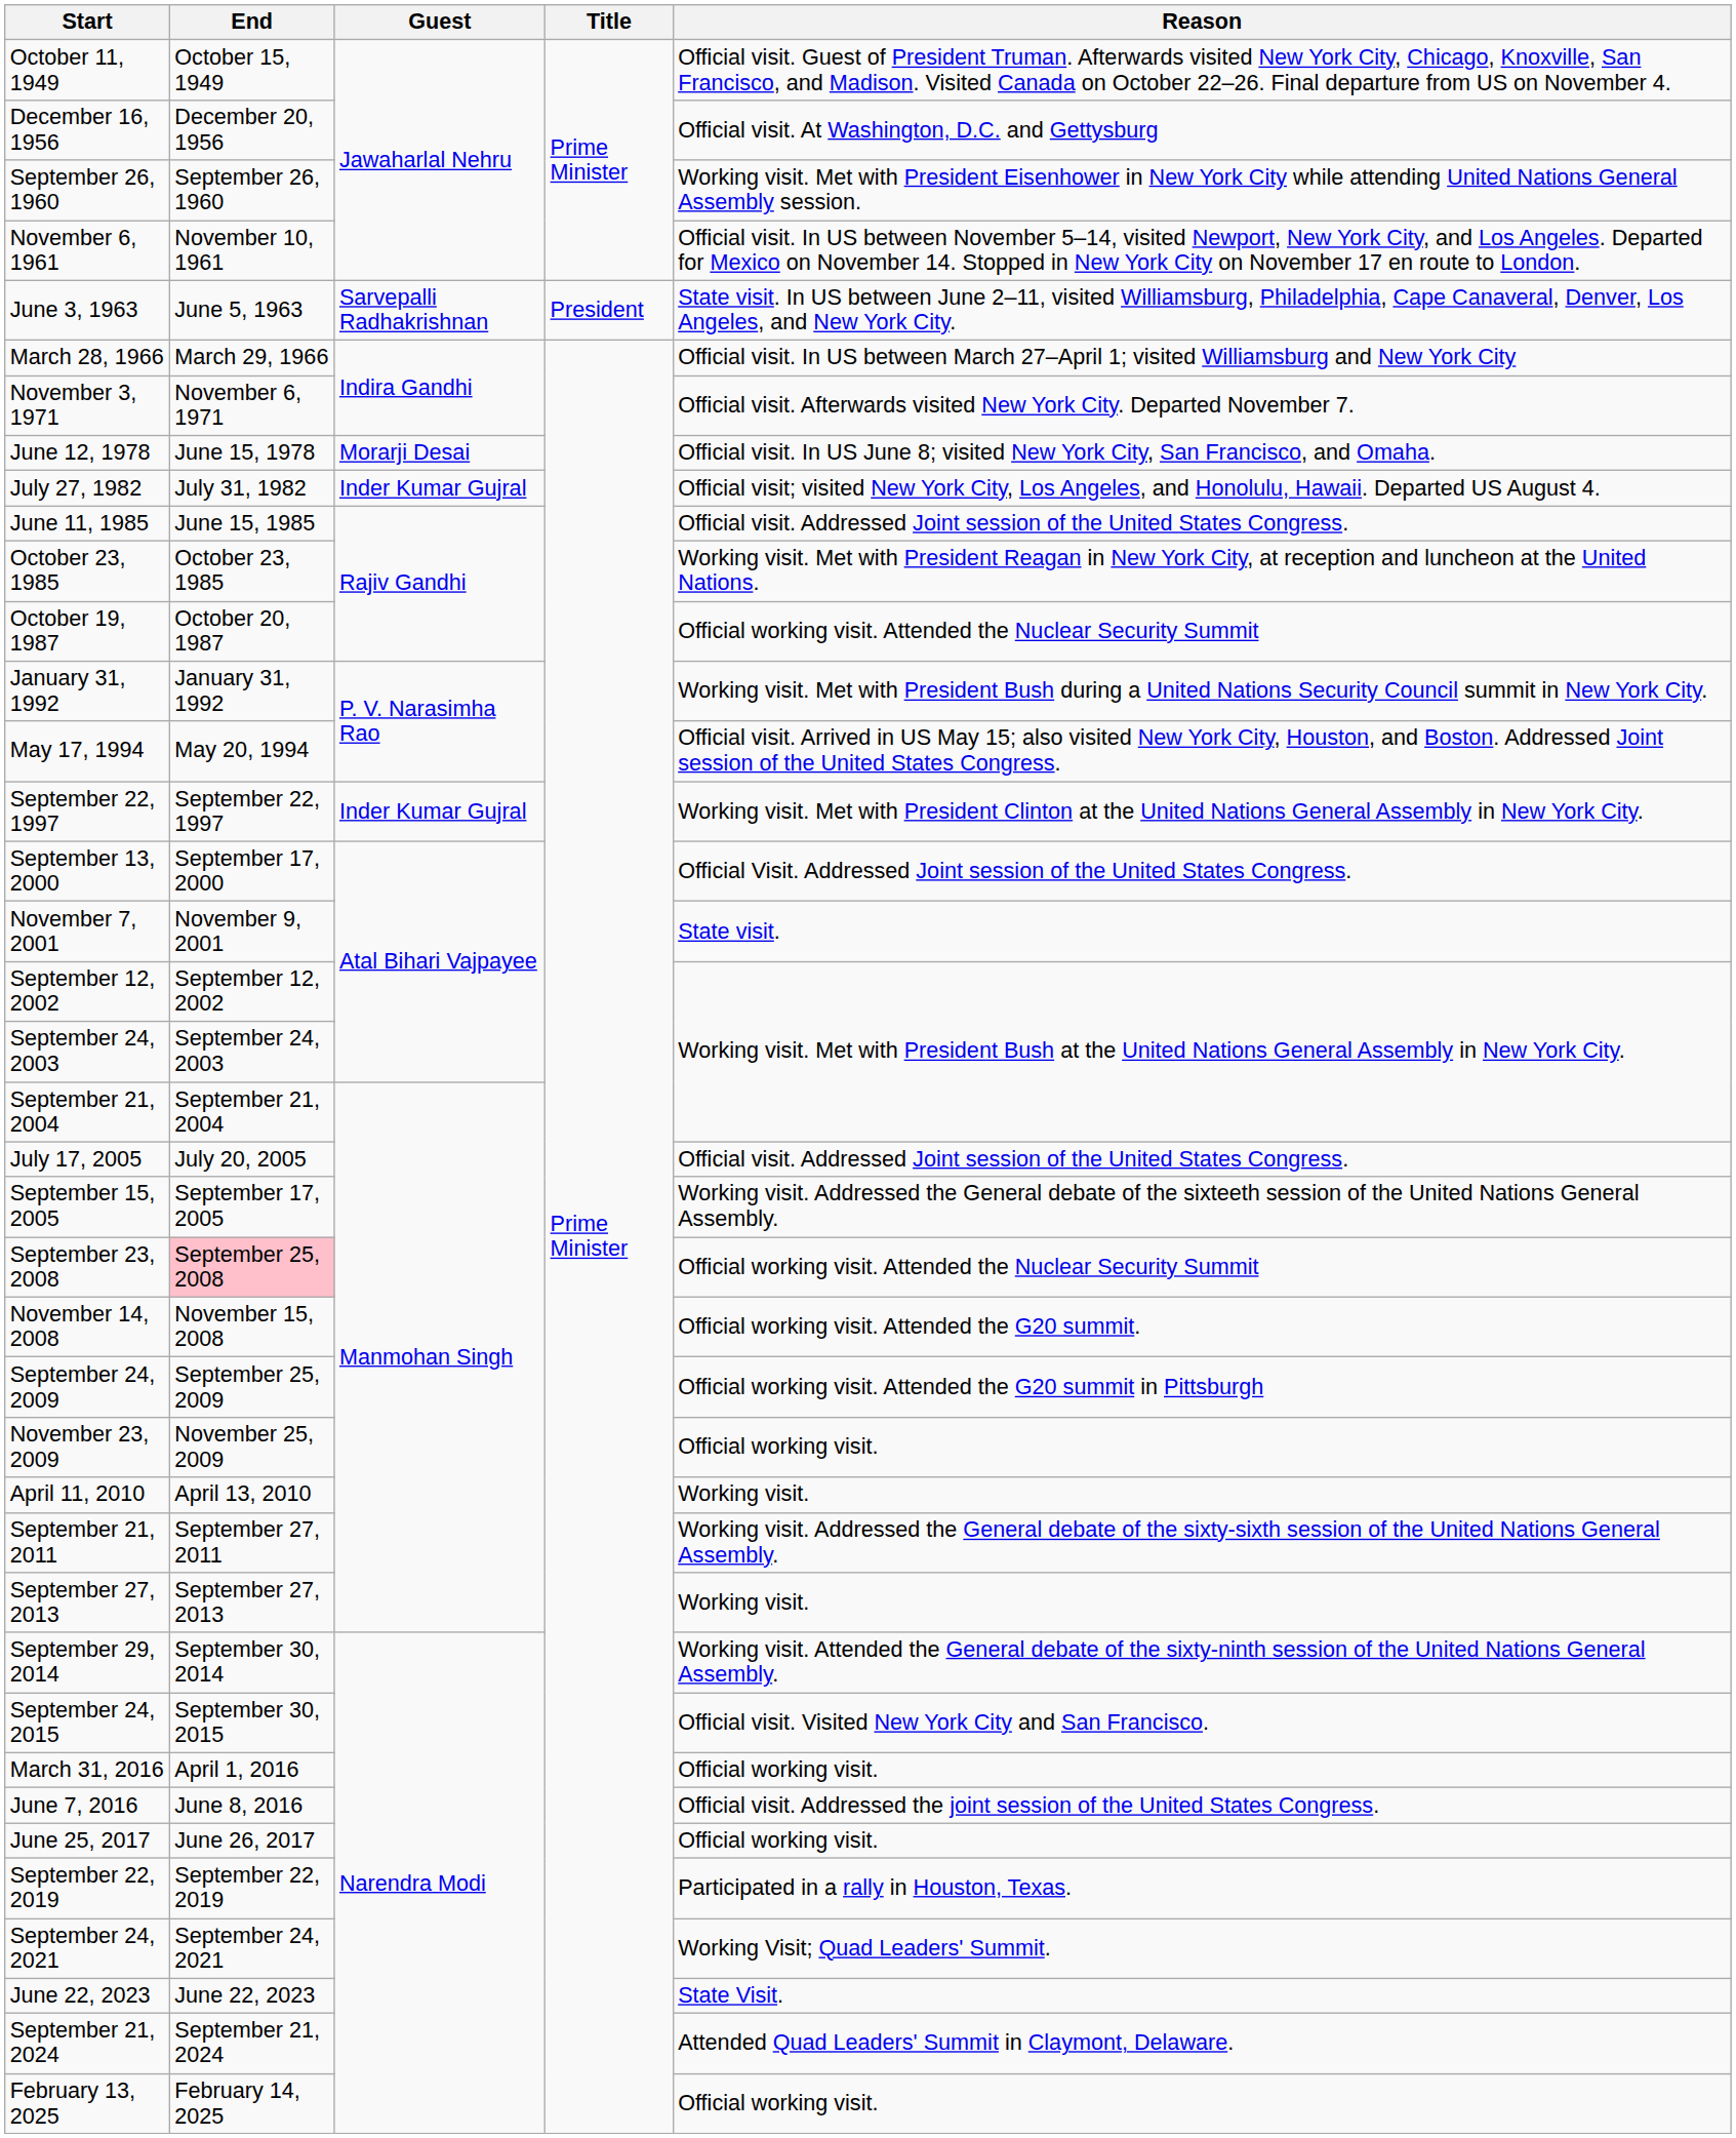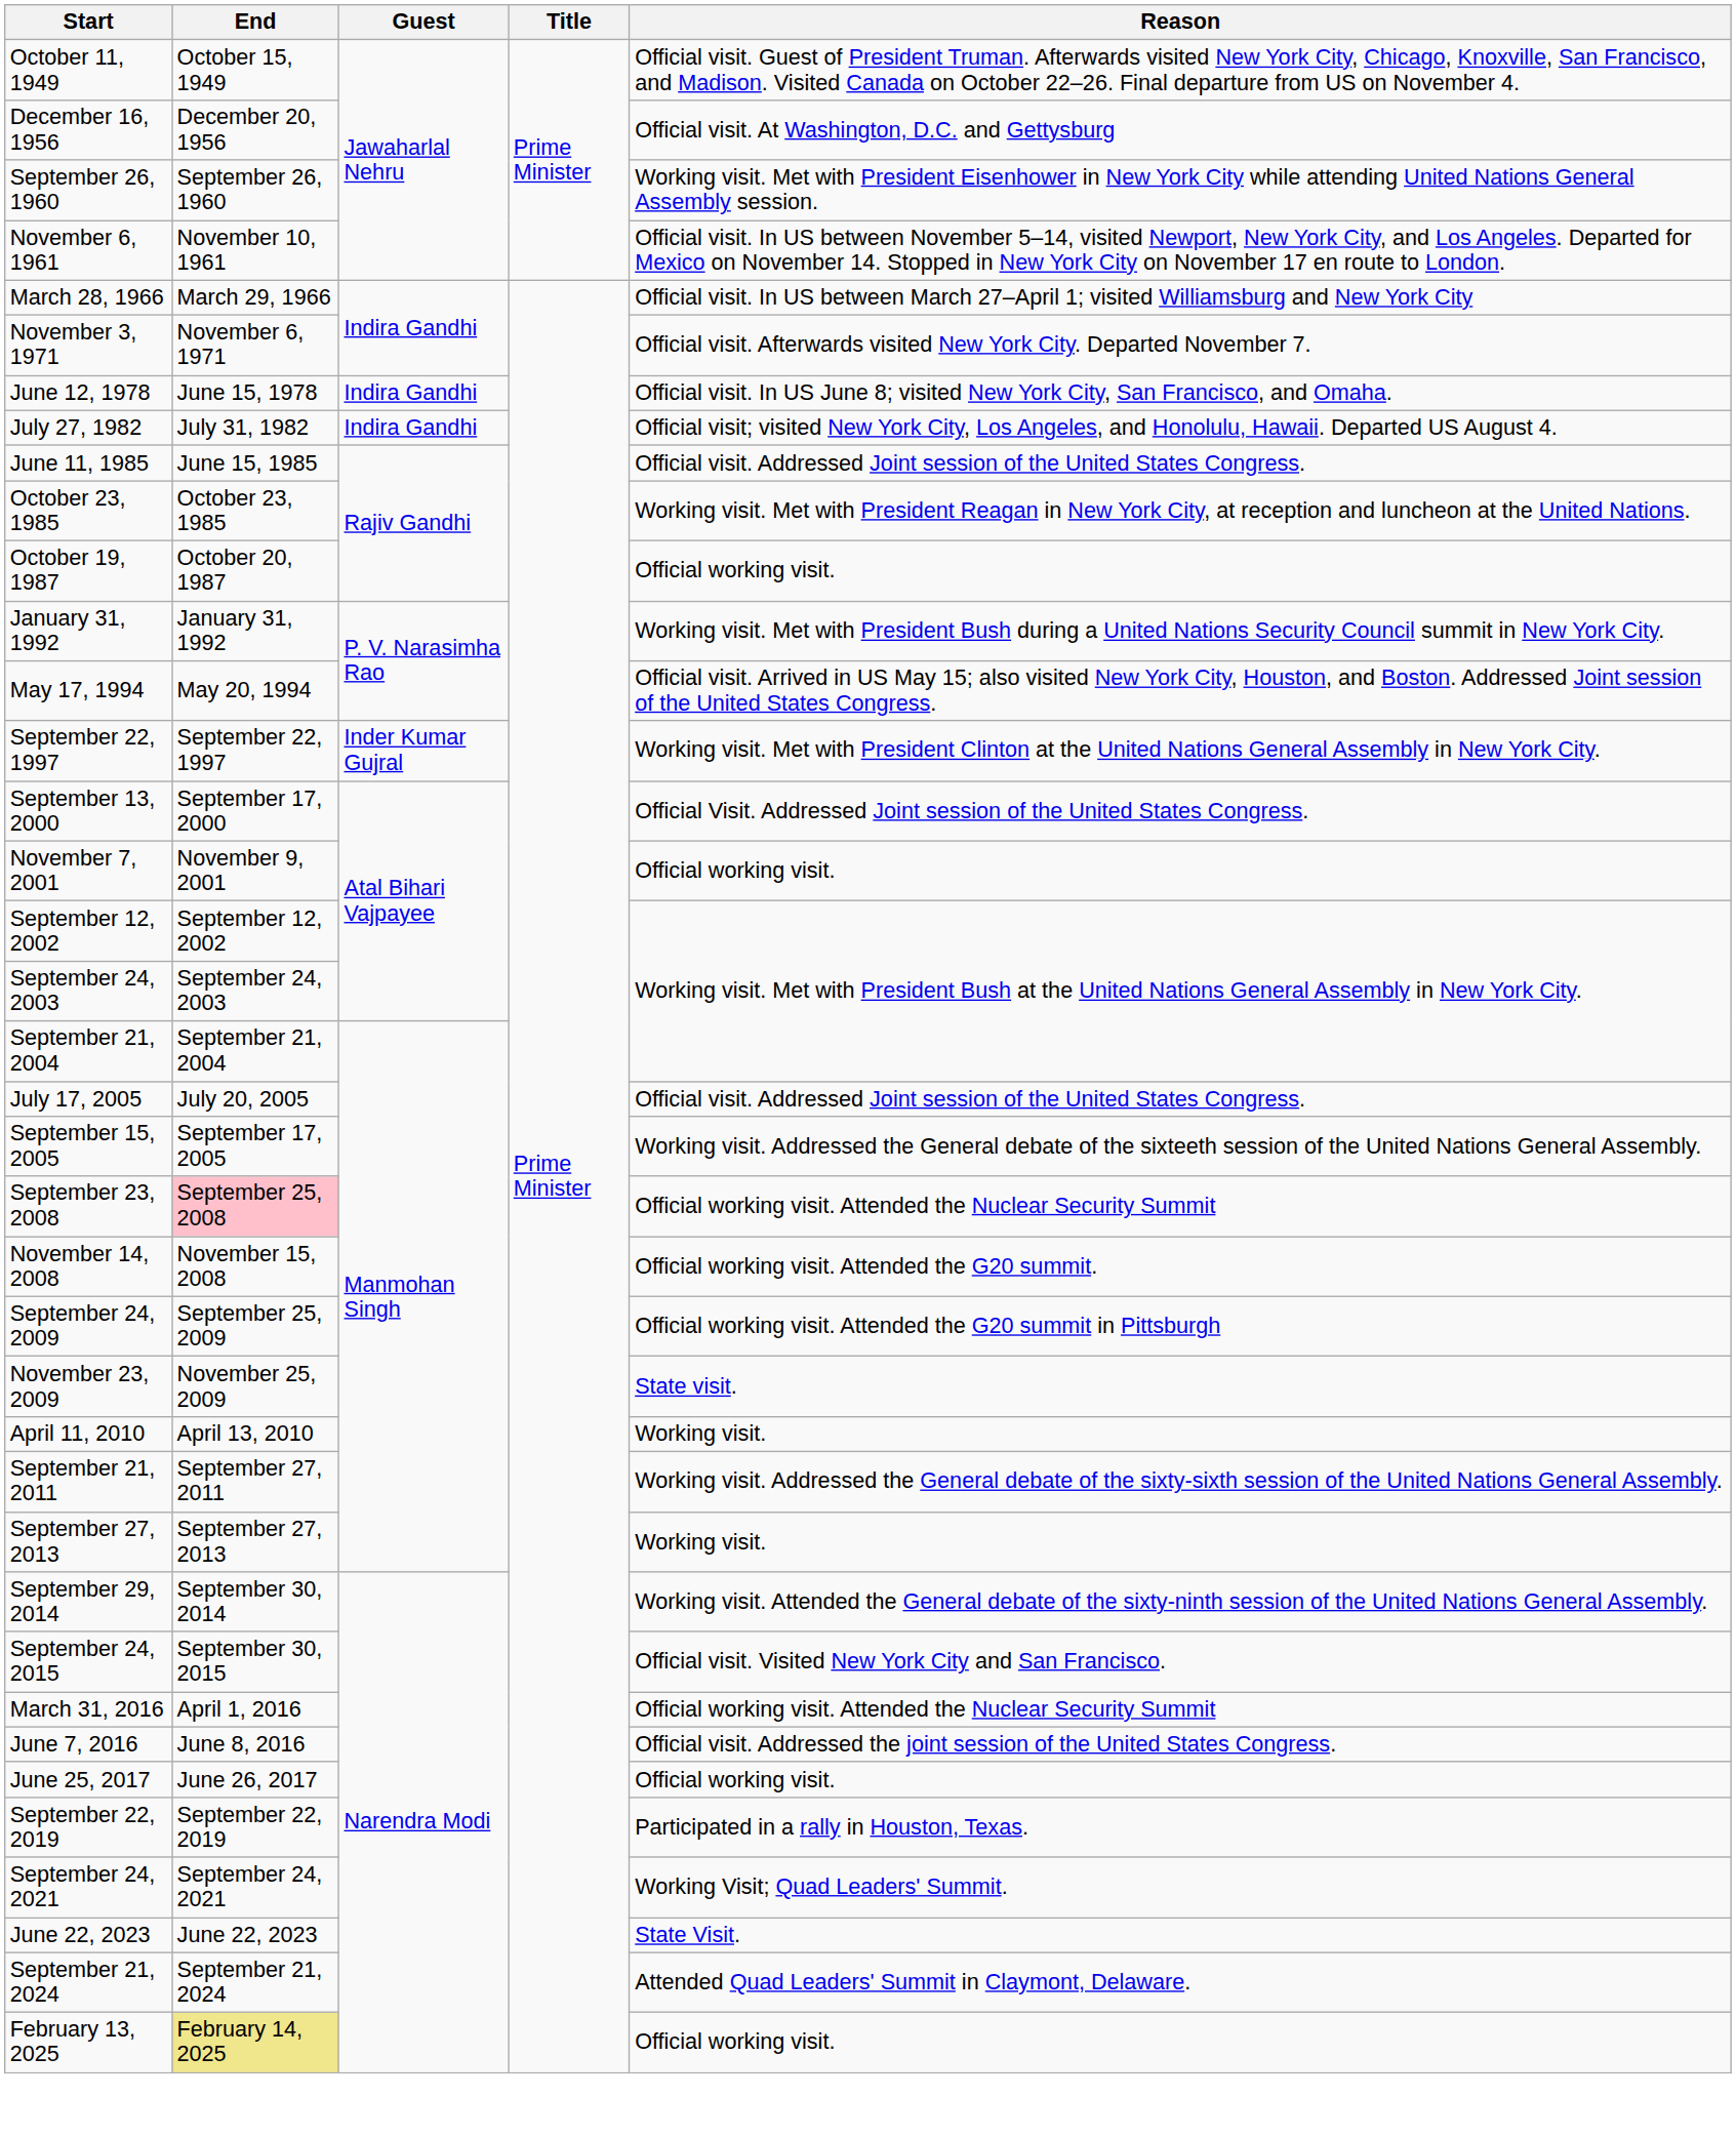 <table class="wikitable sortable">
 <tr>
 <th>Start</th>
 <th>End</th>
 <th>Guest</th>
 <th>Title</th>
 <th>Reason</th>
 </tr>
 <tr>
 <td>October 11, 1949</td>
 <td>October 15, 1949</td>
 <td rowspan=4><a href='#'>Jawaharlal Nehru</a></td>
 <td rowspan=4><a href='#'>Prime Minister</a></td>
 <td>Official visit. Guest of <a href='#'>President Truman</a>. Afterwards visited <a href='#'>New York City</a>, <a href='#'>Chicago</a>, <a href='#'>Knoxville</a>, <a href='#'>San Francisco</a>, and <a href='#'>Madison</a>. Visited <a href='#'>Canada</a> on October 22–26. Final departure from US on November 4.</td>
 </tr>
 <tr>
 <td>December 16, 1956</td>
 <td>December 20, 1956</td>
 <td>Official visit. At <a href='#'>Washington, D.C.</a> and <a href='#'>Gettysburg</a></td>
 </tr>
 <tr>
 <td>September 26, 1960</td>
 <td>September 26, 1960</td>
 <td>Working visit. Met with <a href='#'>President Eisenhower</a> in <a href='#'>New York City</a> while attending <a href='#'>United Nations General Assembly</a> session.</td>
 </tr>
 <tr>
 <td>November 6, 1961</td>
 <td>November 10, 1961</td>
 <td>Official visit. In US between November 5–14, visited <a href='#'>Newport</a>, <a href='#'>New York City</a>, and <a href='#'>Los Angeles</a>. Departed for <a href='#'>Mexico</a> on November 14. Stopped in <a href='#'>New York City</a> on November 17 en route to <a href='#'>London</a>.</td>
 </tr>
 <tr>
-<td>June 3, 1963</td>
-<td>June 5, 1963</td>
-<td><a href='#'>Sarvepalli Radhakrishnan</a></td>
-<td><a href='#'>President</a></td>
-<td><a href='#'>State visit</a>. In US between June 2–11, visited <a href='#'>Williamsburg</a>, <a href='#'>Philadelphia</a>, <a href='#'>Cape Canaveral</a>, <a href='#'>Denver</a>, <a href='#'>Los Angeles</a>, and <a href='#'>New York City</a>.</td>
-</tr>
-<tr>
 <td>March 28, 1966</td>
 <td>March 29, 1966</td>
 <td rowspan=2><a href='#'>Indira Gandhi</a></td>
 <td rowspan="34"><a href='#'>Prime Minister</a></td>
 <td>Official visit. In US between March 27–April 1; visited <a href='#'>Williamsburg</a> and <a href='#'>New York City</a></td>
 </tr>
 <tr>
 <td>November 3, 1971</td>
 <td>November 6, 1971</td>
 <td>Official visit. Afterwards visited <a href='#'>New York City</a>. Departed November 7.</td>
 </tr>
 <tr>
 <td>June 12, 1978</td>
 <td>June 15, 1978</td>
-<td><a href='#'>Morarji Desai</a></td>
+<td><a href='#'>Indira Gandhi</a></td>
 <td>Official visit. In US June 8; visited <a href='#'>New York City</a>, <a href='#'>San Francisco</a>, and <a href='#'>Omaha</a>.</td>
 </tr>
 <tr>
 <td>July 27, 1982</td>
 <td>July 31, 1982</td>
-<td><a href='#'>Inder Kumar Gujral</a></td>
+<td><a href='#'>Indira Gandhi</a></td>
 <td>Official visit; visited <a href='#'>New York City</a>, <a href='#'>Los Angeles</a>, and <a href='#'>Honolulu, Hawaii</a>. Departed US August 4.</td>
 </tr>
 <tr>
 <td>June 11, 1985</td>
 <td>June 15, 1985</td>
 <td rowspan=3><a href='#'>Rajiv Gandhi</a></td>
 <td>Official visit. Addressed <a href='#'>Joint session of the United States Congress</a>.</td>
 </tr>
 <tr>
 <td>October 23, 1985</td>
 <td>October 23, 1985</td>
 <td>Working visit. Met with <a href='#'>President Reagan</a> in <a href='#'>New York City</a>, at reception and luncheon at the <a href='#'>United Nations</a>.</td>
 </tr>
 <tr>
 <td>October 19, 1987</td>
 <td>October 20, 1987</td>
-<td>Official working visit. Attended the <a href='#'>Nuclear Security Summit</a></td>
+<td>Official working visit.</td>
 </tr>
 <tr>
 <td>January 31, 1992</td>
 <td>January 31, 1992</td>
 <td rowspan=2><a href='#'>P. V. Narasimha Rao</a></td>
 <td>Working visit. Met with <a href='#'>President Bush</a> during a <a href='#'>United Nations Security Council</a> summit in <a href='#'>New York City</a>.</td>
 </tr>
 <tr>
 <td>May 17, 1994</td>
 <td>May 20, 1994</td>
 <td>Official visit. Arrived in US May 15; also visited <a href='#'>New York City</a>, <a href='#'>Houston</a>, and <a href='#'>Boston</a>. Addressed <a href='#'>Joint session of the United States Congress</a>.</td>
 </tr>
 <tr>
 <td>September 22, 1997</td>
 <td>September 22, 1997</td>
 <td><a href='#'>Inder Kumar Gujral</a></td>
 <td>Working visit. Met with <a href='#'>President Clinton</a> at the <a href='#'>United Nations General Assembly</a> in <a href='#'>New York City</a>.</td>
 </tr>
 <tr>
 <td>September 13, 2000</td>
 <td>September 17, 2000</td>
 <td rowspan=4><a href='#'>Atal Bihari Vajpayee</a></td>
 <td>Official Visit. Addressed <a href='#'>Joint session of the United States Congress</a>.</td>
 </tr>
 <tr>
 <td>November 7, 2001</td>
 <td>November 9, 2001</td>
-<td><a href='#'>State visit</a>.</td>
+<td>Official working visit.</td>
 </tr>
 <tr>
 <td>September 12, 2002</td>
 <td>September 12, 2002</td>
 <td rowspan=3>Working visit. Met with <a href='#'>President Bush</a> at the <a href='#'>United Nations General Assembly</a> in <a href='#'>New York City</a>.</td>
 </tr>
 <tr>
 <td>September 24, 2003</td>
 <td>September 24, 2003</td>
 </tr>
 <tr>
 <td>September 21, 2004</td>
 <td>September 21, 2004</td>
 <td rowspan=10><a href='#'>Manmohan Singh</a></td>
 </tr>
 <tr>
 <td>July 17, 2005</td>
 <td>July 20, 2005</td>
 <td>Official visit. Addressed <a href='#'>Joint session of the United States Congress</a>.</td>
 </tr>
 <tr>
 <td>September 15, 2005</td>
 <td>September 17, 2005</td>
 <td>Working visit. Addressed the General debate of the sixteeth session of the United Nations General Assembly.</td>
 </tr>
 <tr>
 <td>September 23, 2008</td>
 <td style="background: pink;">September 25, 2008</td>
 <td>Official working visit. Attended the <a href='#'>Nuclear Security Summit</a></td>
 </tr>
 <tr>
 <td>November 14, 2008</td>
 <td>November 15, 2008</td>
 <td>Official working visit. Attended the <a href='#'>G20 summit</a>.</td>
 </tr>
 <tr>
 <td>September 24, 2009</td>
 <td>September 25, 2009</td>
 <td>Official working visit. Attended the <a href='#'>G20 summit</a> in <a href='#'>Pittsburgh</a></td>
 </tr>
 <tr>
 <td>November 23, 2009</td>
 <td>November 25, 2009</td>
-<td>Official working visit.</td>
+<td><a href='#'>State visit</a>.</td>
 </tr>
 <tr>
 <td>April 11, 2010</td>
 <td>April 13, 2010</td>
 <td>Working visit.</td>
 </tr>
 <tr>
 <td>September 21, 2011</td>
 <td>September 27, 2011</td>
 <td>Working visit. Addressed the <a href='#'>General debate of the sixty-sixth session of the United Nations General Assembly</a>.</td>
 </tr>
 <tr>
 <td>September 27, 2013</td>
 <td>September 27, 2013</td>
 <td>Working visit.</td>
 </tr>
 <tr>
 <td>September 29, 2014</td>
 <td>September 30, 2014</td>
 <td rowspan="10"><a href='#'>Narendra Modi</a></td>
 <td>Working visit. Attended the <a href='#'>General debate of the sixty-ninth session of the United Nations General Assembly</a>.</td>
 </tr>
 <tr>
 <td>September 24, 2015</td>
 <td>September 30, 2015</td>
 <td>Official visit. Visited <a href='#'>New York City</a> and <a href='#'>San Francisco</a>.</td>
 </tr>
 <tr>
 <td>March 31, 2016</td>
 <td>April 1, 2016</td>
-<td>Official working visit.</td>
+<td>Official working visit. Attended the <a href='#'>Nuclear Security Summit</a></td>
 </tr>
 <tr>
 <td>June 7, 2016</td>
 <td>June 8, 2016</td>
 <td>Official visit. Addressed the <a href='#'>joint session of the United States Congress</a>.</td>
 </tr>
 <tr>
 <td>June 25, 2017</td>
 <td>June 26, 2017</td>
 <td>Official working visit.</td>
 </tr>
 <tr>
 <td>September 22, 2019</td>
 <td>September 22, 2019</td>
 <td>Participated in a <a href='#'>rally</a> in <a href='#'>Houston, Texas</a>.</td>
 </tr>
 <tr>
 <td>September 24, 2021</td>
 <td>September 24, 2021</td>
 <td>Working Visit; <a href='#'>Quad Leaders' Summit</a>.</td>
 </tr>
 <tr>
 <td>June 22, 2023</td>
 <td>June 22, 2023</td>
 <td><a href='#'>State Visit</a>.</td>
 </tr>
 <tr>
 <td>September 21, 2024</td>
 <td>September 21, 2024</td>
 <td>Attended <a href='#'>Quad Leaders' Summit</a> in <a href='#'>Claymont, Delaware</a>.</td>
 </tr>
 <tr>
 <td>February 13, 2025</td>
-<td>February 14, 2025</td>
+<td style="background: khaki;">February 14, 2025</td>
 <td>Official working visit.</td>
 </tr>
 </table>
